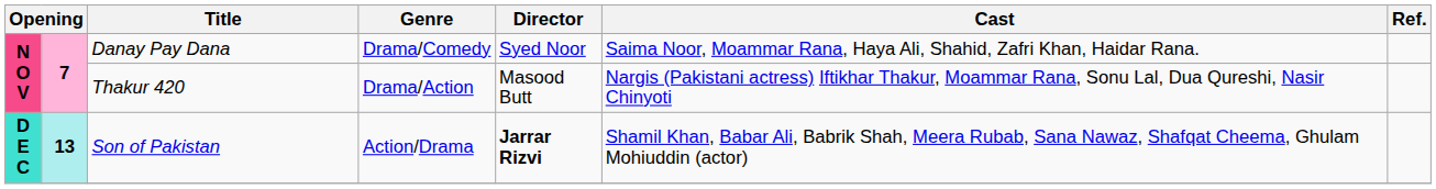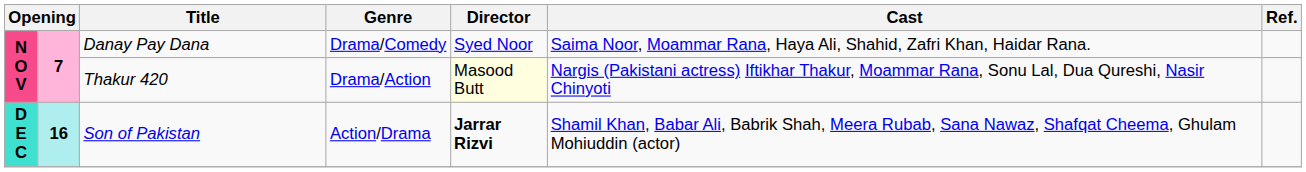 <table class="wikitable">
 <tr style="background:#b0e0e66; text-align:center;">
 <th colspan="2"><strong>Opening</strong></th>
 <th style="width:19%;"><strong>Title</strong></th>
 <th><strong>Genre</strong></th>
 <th><strong>Director</strong></th>
 <th><strong>Cast</strong></th>
 <th><strong>Ref.</strong></th>
 </tr>
 <tr>
 <td rowspan="2" style="text-align:center; background:#f64a8a;"><strong>N<br>O<br>V</strong></td>
 <td rowspan="2" style="text-align:center; textcolor:#000; background:#ffb5da;"><strong>7</strong></td>
 <td><em>Danay Pay Dana</em></td>
 <td><a href='#'>Drama</a>/<a href='#'>Comedy</a></td>
 <td><a href='#'>Syed Noor</a></td>
 <td><a href='#'>Saima Noor</a>, <a href='#'>Moammar Rana</a>, Haya Ali, Shahid, Zafri Khan, Haidar Rana.</td>
 <td></td>
 </tr>
 <tr>
 <td><em>Thakur 420</em></td>
 <td><a href='#'>Drama</a>/<a href='#'>Action</a></td>
-<td>Masood Butt</td>
+<td style="background: lightyellow;">Masood Butt</td>
 <td><a href='#'>Nargis (Pakistani actress)</a> <a href='#'>Iftikhar Thakur</a>, <a href='#'>Moammar Rana</a>, Sonu Lal, Dua Qureshi, <a href='#'>Nasir Chinyoti</a></td>
 <td></td>
 </tr>
 <tr>
 <td rowspan="1" style="text-align:center; background:#40e0d0;"><strong>D<br>E<br>C</strong></td>
-<td rowspan="1" style="text-align:center; textcolor:#000; background:#afeeee;"><strong>13</strong></td>
+<td rowspan="1" style="text-align:center; textcolor:#000; background:#afeeee;"><strong>16</strong></td>
 <td><em><a href='#'>Son of Pakistan</a></em></td>
 <td><a href='#'>Action</a>/<a href='#'>Drama</a></td>
 <td><strong>Jarrar Rizvi</strong></td>
 <td><a href='#'>Shamil Khan</a>, <a href='#'>Babar Ali</a>, Babrik Shah, <a href='#'>Meera Rubab</a>, <a href='#'>Sana Nawaz</a>, <a href='#'>Shafqat Cheema</a>, Ghulam Mohiuddin (actor)</td>
 <td></td>
 </tr>
 <tr>
 </tr>
 </table>
